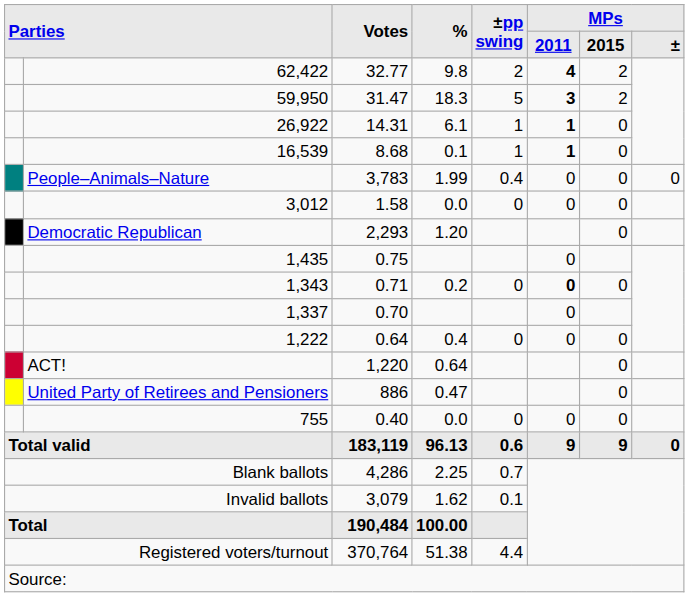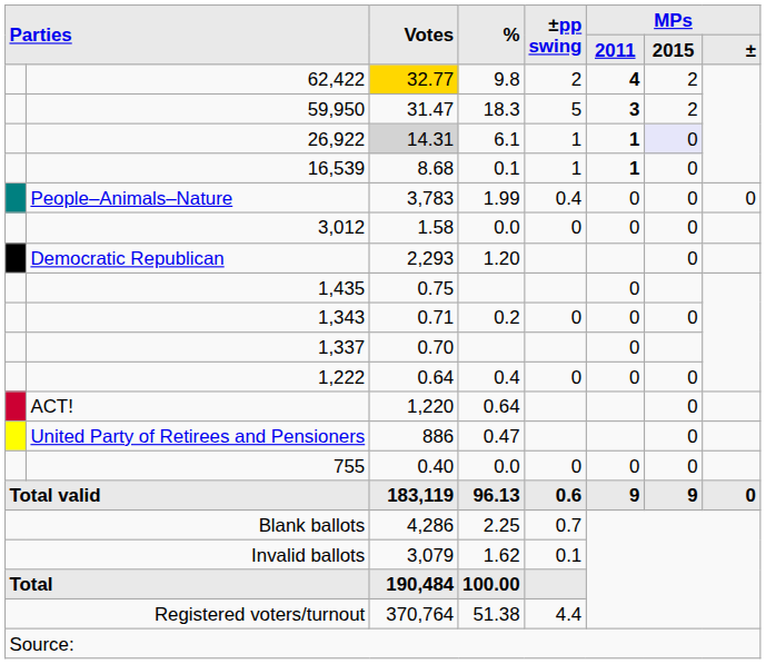 <table class="wikitable" style="text-align:right; font-size:95%;">
 <tr>
 <th rowspan="2" colspan="2" style="background:#e9e9e9; text-align:left;" alignleft><a href='#'>Parties</a></th>
 <th rowspan="2" style="background:#e9e9e9; text-align:right;">Votes</th>
 <th rowspan="2" style="background:#e9e9e9; text-align:right;">%</th>
 <th rowspan="2" style="background:#e9e9e9; text-align:right;">±<a href='#'>pp</a> <a href='#'>swing</a></th>
 <th colspan="3" style="background:#e9e9e9; text-align:center;"><a href='#'>MPs</a></th>
 </tr>
 <tr style="background-color:#E9E9E9">
 <th style="background-color:#E9E9E9;text-align:center;"><a href='#'>2011</a></th>
 <th style="background-color:#E9E9E9;text-align:center;">2015</th>
 <th style="background:#e9e9e9; text-align:right;">±</th>
 </tr>
 <tr>
 <td></td>
 <td>62,422</td>
-<td>32.77</td>
+<td style="background: gold;">32.77</td>
 <td>9.8</td>
 <td>2</td>
 <td><strong>4</strong></td>
 <td>2</td>
 </tr>
 <tr>
 <td> </td>
 <td>59,950</td>
 <td>31.47</td>
 <td>18.3</td>
 <td>5</td>
 <td><strong>3</strong></td>
 <td>2</td>
 </tr>
 <tr>
 <td></td>
 <td>26,922</td>
-<td>14.31</td>
+<td style="background: lightgrey;">14.31</td>
 <td>6.1</td>
 <td>1</td>
 <td><strong>1</strong></td>
-<td>0</td>
+<td style="background: lavender;">0</td>
 </tr>
 <tr>
 <td></td>
 <td>16,539</td>
 <td>8.68</td>
 <td>0.1</td>
 <td>1</td>
 <td><strong>1</strong></td>
 <td>0</td>
 </tr>
 <tr>
 <td style="width: 10px" bgcolor="teal" align="center"></td>
 <td align="left"><a href='#'>People–Animals–Nature</a></td>
 <td>3,783</td>
 <td>1.99</td>
 <td>0.4</td>
 <td>0</td>
 <td>0</td>
 <td>0</td>
 </tr>
 <tr>
 <td></td>
 <td>3,012</td>
 <td>1.58</td>
 <td>0.0</td>
 <td>0</td>
 <td>0</td>
 <td>0</td>
 </tr>
 <tr>
 <td style="width: 10px" bgcolor=black align="center"></td>
 <td align=left><a href='#'>Democratic Republican</a></td>
 <td>2,293</td>
 <td>1.20</td>
 <td></td>
 <td></td>
 <td>0</td>
 <td></td>
 </tr>
 <tr>
 <td></td>
 <td>1,435</td>
 <td>0.75</td>
 <td></td>
 <td></td>
 <td>0</td>
 <td></td>
 </tr>
 <tr>
 <td></td>
 <td>1,343</td>
 <td>0.71</td>
 <td>0.2</td>
 <td>0</td>
-<td><strong>0</strong></td>
+<td>0</td>
 <td>0</td>
 </tr>
 <tr>
 <td></td>
 <td>1,337</td>
 <td>0.70</td>
 <td></td>
 <td></td>
 <td>0</td>
 <td></td>
 </tr>
 <tr>
 <td></td>
 <td>1,222</td>
 <td>0.64</td>
 <td>0.4</td>
 <td>0</td>
 <td>0</td>
 <td>0</td>
 </tr>
 <tr>
 <td style="width:10px; background:#CC0033; text-align:center;"></td>
 <td style="text-align:left;">ACT! </td>
 <td>1,220</td>
 <td>0.64</td>
 <td></td>
 <td></td>
 <td>0</td>
 <td></td>
 </tr>
 <tr>
 <td style="width: 10px" bgcolor=yellow align="center"></td>
 <td align=left><a href='#'>United Party of Retirees and Pensioners</a></td>
 <td>886</td>
 <td>0.47</td>
 <td></td>
 <td></td>
 <td>0</td>
 <td></td>
 </tr>
 <tr>
 <td></td>
 <td>755</td>
 <td>0.40</td>
 <td>0.0</td>
 <td>0</td>
 <td>0</td>
 <td>0</td>
 </tr>
 <tr>
 <td colspan=2 align=left style="background-color:#E9E9E9"><strong>Total valid</strong></td>
 <td width="65" align="right" style="background-color:#E9E9E9"><strong>183,119</strong></td>
 <td width="40" align="right" style="background-color:#E9E9E9"><strong>96.13</strong></td>
 <td width="40" align="right" style="background-color:#E9E9E9"><strong>0.6</strong></td>
 <td width="40" align="right" style="background-color:#E9E9E9"><strong>9</strong></td>
 <td width="40" align="right" style="background-color:#E9E9E9"><strong>9</strong></td>
 <td width="40" align="right" style="background-color:#E9E9E9"><strong>0</strong></td>
 </tr>
 <tr>
 <td colspan=2>Blank ballots</td>
 <td>4,286</td>
 <td>2.25</td>
 <td>0.7</td>
 <td colspan=4 rowspan=4></td>
 </tr>
 <tr>
 <td colspan=2>Invalid ballots</td>
 <td>3,079</td>
 <td>1.62</td>
 <td>0.1</td>
 </tr>
 <tr>
 <td colspan=2 width="259" align=left style="background-color:#E9E9E9"><strong>Total</strong></td>
 <td width="50" align="right" style="background-color:#E9E9E9"><strong>190,484</strong></td>
 <td width="40" align="right" style="background-color:#E9E9E9"><strong>100.00</strong></td>
 <td width="40" align="right" style="background-color:#E9E9E9"></td>
 </tr>
 <tr>
 <td colspan=2>Registered voters/turnout</td>
 <td>370,764</td>
 <td>51.38</td>
 <td>4.4</td>
 </tr>
 <tr>
 <td colspan=11 align=left>Source: </td>
 </tr>
 </table>
